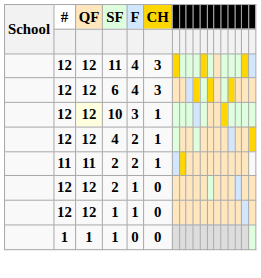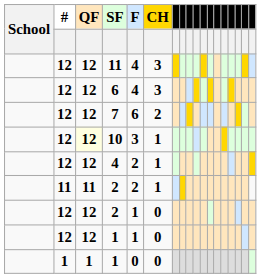 <table class="wikitable sortable sticky-table-head sticky-table-col1" style="font-size:90%; text-align: center;">
 <tr>
 <th rowspan=2>School</th>
 <th style="background: #FFFFFF;">#</th>
 <th style="background: #FFE6BD;">QF</th>
 <th style="background: #ddffdd;">SF</th>
 <th style="background: #D0E7FF;">F</th>
 <th style="background: gold;">CH</th>
 <th style="background: #000000;"><a href='#'></a></th>
 <th style="background: #000000;"><a href='#'></a></th>
 <th style="background: #000000;"><a href='#'></a></th>
 <th style="background: #000000;"><a href='#'></a></th>
 <th style="background: #000000;"><a href='#'></a></th>
 <th style="background: #000000;"><a href='#'></a></th>
 <th style="background: #000000;"><a href='#'></a></th>
 <th style="background: #000000;"><a href='#'></a></th>
 <th style="background: #000000;"><a href='#'></a></th>
 <th style="background: #000000;"><a href='#'></a></th>
 <th style="background: #000000;"><a href='#'></a></th>
 <th style="background: #000000;"><a href='#'></a></th>
 </tr>
 <tr>
 <th class="sticky-table-none"><br></th>
 <th></th>
 <th></th>
 <th></th>
 <th></th>
 <th></th>
 <th></th>
 <th></th>
 <th></th>
 <th></th>
 <th></th>
 <th></th>
 <th></th>
 <th></th>
 <th></th>
 <th></th>
 <th></th>
 </tr>
 <tr>
 <td><strong></strong></td>
 <td><strong>12</strong></td>
 <td><strong>12</strong></td>
 <td><strong>11</strong></td>
 <td><strong>4</strong></td>
 <td><strong>3</strong></td>
 <td style="background:gold;"><strong></strong></td>
 <td style="background:#ddffdd"><strong></strong></td>
 <td style="background:#ddffdd"><strong></strong></td>
 <td style="background:#ddffdd"><strong></strong></td>
 <td style="background:gold;"><strong></strong></td>
 <td style="background:#ddffdd"><strong></strong></td>
 <td style="background:#FFE6BD"><strong></strong></td>
 <td style="background:#ddffdd"><strong></strong></td>
 <td style="background:#ddffdd"><strong></strong></td>
 <td style="background:#ddffdd"><strong></strong></td>
 <td style="background:gold;"><strong></strong></td>
 <td style="background:#D0E7FF"><strong></strong></td>
 </tr>
 <tr>
 <td><strong></strong></td>
 <td><strong>12</strong></td>
 <td><strong>12</strong></td>
 <td><strong>6</strong></td>
 <td><strong>4</strong></td>
 <td><strong>3</strong></td>
 <td style="background:#FFE6BD"><strong></strong></td>
 <td style="background:#FFE6BD"><strong></strong></td>
 <td style="background:#D0E7FF"><strong></strong></td>
 <td style="background:gold;"><strong></strong></td>
 <td style="background:#ddffdd"><strong></strong></td>
 <td style="background:gold;"><strong></strong></td>
 <td style="background:#FFE6BD"><strong></strong></td>
 <td style="background:#ddffdd"><strong></strong></td>
 <td style="background:gold;"><strong></strong></td>
 <td style="background:#FFE6BD"><strong></strong></td>
 <td style="background:#FFE6BD"><strong></strong></td>
+<td style="background:#FFE6BD"><strong></strong></td>
+</tr>
+<tr>
+<td><strong></strong></td>
+<td><strong>12</strong></td>
+<td><strong>12</strong></td>
+<td><strong>7</strong></td>
+<td><strong>6</strong></td>
+<td><strong>2</strong></td>
+<td style="background:#FFE6BD"><strong></strong></td>
+<td style="background:#D0E7FF"><strong></strong></td>
+<td style="background:gold;"><strong></strong></td>
+<td style="background:#FFE6BD"><strong></strong></td>
+<td style="background:#D0E7FF"><strong></strong></td>
+<td style="background:#D0E7FF"><strong></strong></td>
+<td style="background:#FFE6BD"><strong></strong></td>
+<td style="background:#D0E7FF"><strong></strong></td>
+<td style="background:#FFE6BD"><strong></strong></td>
+<td style="background:gold;"><strong></strong></td>
+<td style="background:#ddffdd"><strong></strong></td>
 <td style="background:#FFE6BD"><strong></strong></td>
 </tr>
 <tr>
 <td><strong></strong></td>
 <td><strong>12</strong></td>
 <td style="background: lightyellow;"><strong>12</strong></td>
 <td><strong>10</strong></td>
 <td><strong>3</strong></td>
 <td><strong>1</strong></td>
 <td style="background:#ddffdd"><strong></strong></td>
 <td style="background:#ddffdd"><strong></strong></td>
 <td style="background:#ddffdd"><strong></strong></td>
 <td style="background:#D0E7FF"><strong></strong></td>
 <td style="background:#ddffdd"><strong></strong></td>
 <td style="background:#FFE6BD"><strong></strong></td>
 <td style="background:#FFE6BD"><strong></strong></td>
 <td style="background:gold;"><strong></strong></td>
 <td style="background:#ddffdd"><strong></strong></td>
 <td style="background:#ddffdd"><strong></strong></td>
 <td style="background:#ddffdd"><strong></strong></td>
 <td style="background:#ddffdd"><strong></strong></td>
 </tr>
 <tr>
 <td><strong></strong></td>
 <td><strong>12</strong></td>
 <td><strong>12</strong></td>
 <td><strong>4</strong></td>
 <td><strong>2</strong></td>
 <td><strong>1</strong></td>
 <td style="background:#ddffdd"><strong></strong></td>
 <td style="background:#FFE6BD"><strong></strong></td>
 <td style="background:#FFE6BD"><strong></strong></td>
 <td style="background:#ddffdd"><strong></strong></td>
 <td style="background:#FFE6BD"><strong></strong></td>
 <td style="background:#FFE6BD"><strong></strong></td>
 <td style="background:#FFE6BD"><strong></strong></td>
 <td style="background:#FFE6BD"><strong></strong></td>
 <td style="background:#D0E7FF"><strong></strong></td>
 <td style="background:#FFE6BD"><strong></strong></td>
 <td style="background:#FFE6BD"><strong></strong></td>
 <td style="background:gold;"><strong></strong></td>
 </tr>
 <tr>
 <td><strong></strong></td>
 <td><strong>11</strong></td>
 <td><strong>11</strong></td>
 <td><strong>2</strong></td>
 <td><strong>2</strong></td>
 <td><strong>1</strong></td>
 <td style="background:#D0E7FF"><strong></strong></td>
 <td style="background:gold;"><strong></strong></td>
 <td style="background:#FFE6BD"><strong></strong></td>
 <td style="background:#FFE6BD"><strong></strong></td>
 <td style="background:#FFE6BD"><strong></strong></td>
 <td style="background:#FFE6BD"><strong></strong></td>
 <td style="background:#FFE6BD"><strong></strong></td>
 <td style="background:#FFE6BD"><strong></strong></td>
 <td style="background:#FFE6BD"><strong></strong></td>
 <td style="background:#FFE6BD"><strong></strong></td>
 <td style="background:#FFE6BD"><strong></strong></td>
 <td></td>
 </tr>
 <tr>
 <td><strong></strong></td>
 <td><strong>12</strong></td>
 <td><strong>12</strong></td>
 <td><strong>2</strong></td>
 <td><strong>1</strong></td>
 <td><strong>0</strong></td>
 <td style="background:#FFE6BD"><strong></strong></td>
 <td style="background:#FFE6BD"><strong></strong></td>
 <td style="background:#FFE6BD"><strong></strong></td>
 <td style="background:#FFE6BD"><strong></strong></td>
 <td style="background:#FFE6BD"><strong></strong></td>
 <td style="background:#ddffdd"><strong></strong></td>
 <td style="background:#FFE6BD"><strong></strong></td>
 <td style="background:#FFE6BD"><strong></strong></td>
 <td style="background:#FFE6BD"><strong></strong></td>
 <td style="background:#D0E7FF"><strong></strong></td>
 <td style="background:#FFE6BD"><strong></strong></td>
 <td style="background:#FFE6BD"><strong></strong></td>
 </tr>
 <tr>
 <td><strong></strong></td>
 <td><strong>12</strong></td>
 <td><strong>12</strong></td>
 <td><strong>1</strong></td>
 <td><strong>1</strong></td>
 <td><strong>0</strong></td>
 <td style="background:#FFE6BD"><strong></strong></td>
 <td style="background:#FFE6BD"><strong></strong></td>
 <td style="background:#FFE6BD"><strong></strong></td>
 <td style="background:#FFE6BD"><strong></strong></td>
 <td style="background:#FFE6BD"><strong></strong></td>
 <td style="background:#FFE6BD"><strong></strong></td>
 <td style="background:#FFE6BD"><strong></strong></td>
 <td style="background:#FFE6BD"><strong></strong></td>
 <td style="background:#FFE6BD"><strong></strong></td>
 <td style="background:#FFE6BD"><strong></strong></td>
 <td style="background:#D0E7FF"><strong></strong></td>
 <td style="background:#FFE6BD"><strong></strong></td>
 </tr>
 <tr>
 <td><strong></strong></td>
 <td><strong>1</strong></td>
 <td><strong>1</strong></td>
 <td><strong>1</strong></td>
 <td><strong>0</strong></td>
 <td><strong>0</strong></td>
 <td style="background:#dddddd"><strong></strong></td>
 <td style="background:#dddddd"><strong></strong></td>
 <td style="background:#dddddd"><strong></strong></td>
 <td style="background:#dddddd"><strong></strong></td>
 <td style="background:#dddddd"><strong></strong></td>
 <td style="background:#dddddd"><strong></strong></td>
 <td style="background:#dddddd"><strong></strong></td>
 <td style="background:#dddddd"><strong></strong></td>
 <td style="background:#dddddd"><strong></strong></td>
 <td style="background:#dddddd"><strong></strong></td>
 <td style="background:#dddddd"><strong></strong></td>
 <td style="background:#ddffdd"><strong></strong></td>
 </tr>
 </table>
